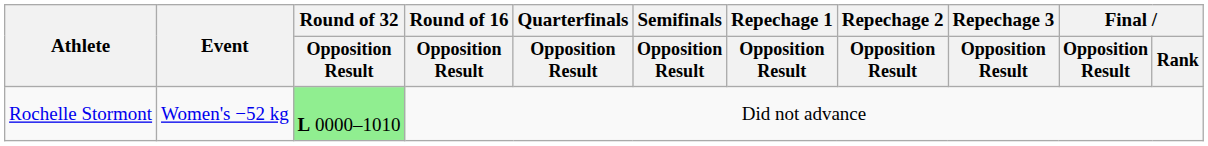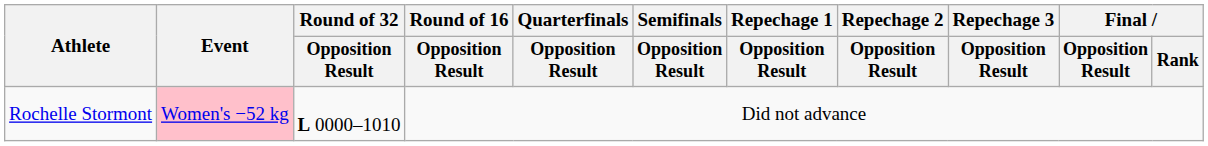 <table class="wikitable" style="font-size:90%">
 <tr>
 <th rowspan="2">Athlete</th>
 <th rowspan="2">Event</th>
 <th>Round of 32</th>
 <th>Round of 16</th>
 <th>Quarterfinals</th>
 <th>Semifinals</th>
 <th>Repechage 1</th>
 <th>Repechage 2</th>
 <th>Repechage 3</th>
 <th colspan=2>Final / </th>
 </tr>
 <tr style="font-size:95%">
 <th>Opposition<br>Result</th>
 <th>Opposition<br>Result</th>
 <th>Opposition<br>Result</th>
 <th>Opposition<br>Result</th>
 <th>Opposition<br>Result</th>
 <th>Opposition<br>Result</th>
 <th>Opposition<br>Result</th>
 <th>Opposition<br>Result</th>
 <th>Rank</th>
 </tr>
 <tr align=center>
 <td align=left><a href='#'>Rochelle Stormont</a></td>
-<td align=left><a href='#'>Women's −52 kg</a></td>
-<td style="background: lightgreen;"><br><strong>L</strong> 0000–1010</td>
+<td align=left style="background: pink;"><a href='#'>Women's −52 kg</a></td>
+<td><br><strong>L</strong> 0000–1010</td>
 <td colspan=8>Did not advance</td>
 </tr>
 </table>
